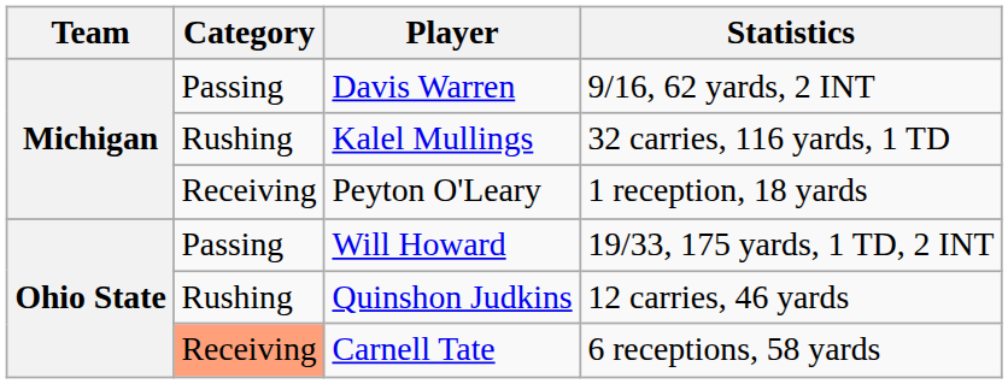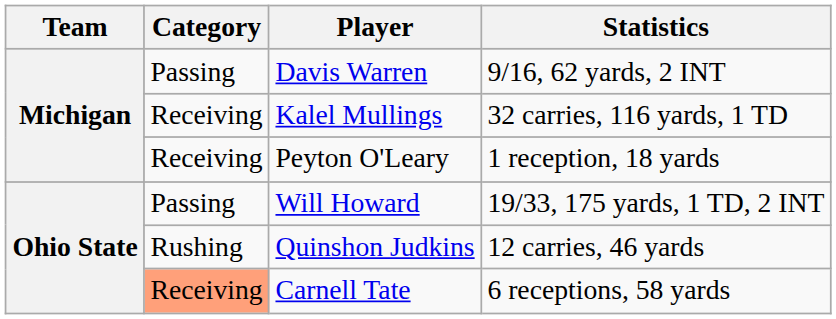 <table class="wikitable" style="float:right">
 <tr>
 <th>Team</th>
 <th>Category</th>
 <th>Player</th>
 <th>Statistics</th>
 </tr>
 <tr>
 <th rowspan=3>Michigan</th>
 <td>Passing</td>
 <td><a href='#'>Davis Warren</a></td>
 <td>9/16, 62 yards, 2 INT</td>
 </tr>
 <tr>
-<td>Rushing</td>
+<td>Receiving</td>
 <td><a href='#'>Kalel Mullings</a></td>
 <td>32 carries, 116 yards, 1 TD</td>
 </tr>
 <tr>
 <td>Receiving</td>
 <td>Peyton O'Leary</td>
 <td>1 reception, 18 yards</td>
 </tr>
 <tr>
 <th rowspan=3>Ohio State</th>
 <td>Passing</td>
 <td><a href='#'>Will Howard</a></td>
 <td>19/33, 175 yards, 1 TD, 2 INT</td>
 </tr>
 <tr>
 <td>Rushing</td>
 <td><a href='#'>Quinshon Judkins</a></td>
 <td>12 carries, 46 yards</td>
 </tr>
 <tr>
 <td style="background: lightsalmon;">Receiving</td>
 <td><a href='#'>Carnell Tate</a></td>
 <td>6 receptions, 58 yards</td>
 </tr>
 </table>
